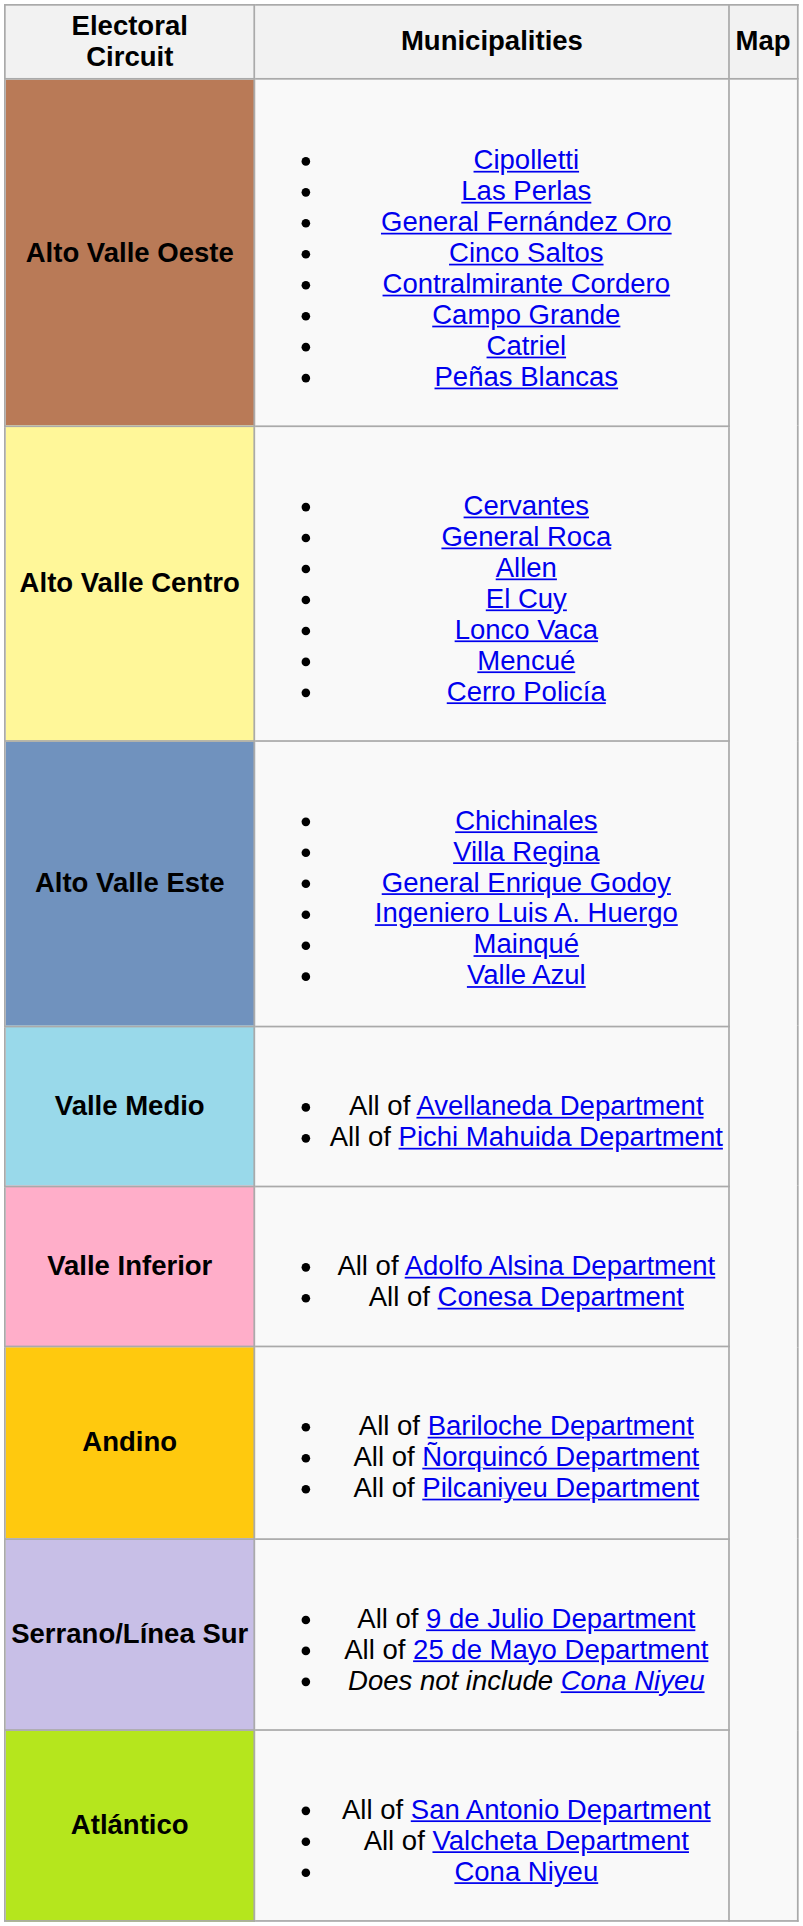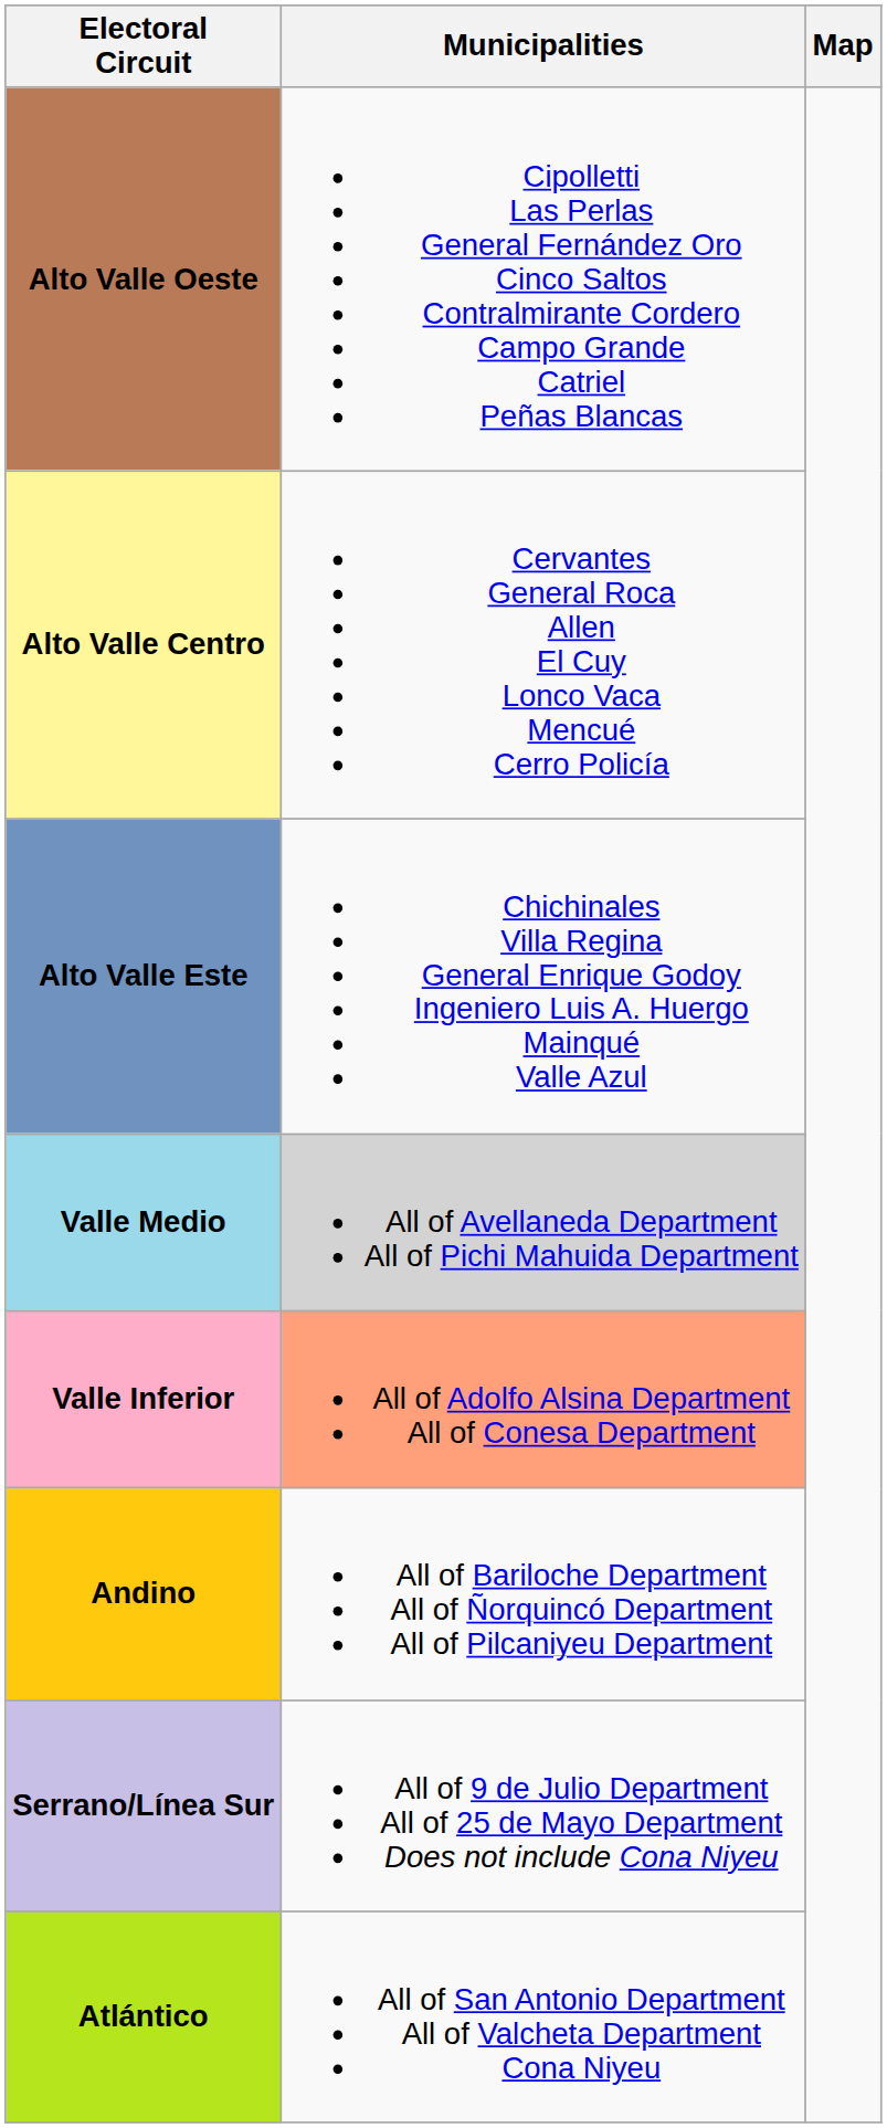 <table class="wikitable" style="text-align:center;">
 <tr>
 <th>Electoral<br>Circuit</th>
 <th>Municipalities</th>
 <th>Map</th>
 </tr>
 <tr>
 <td bgcolor=#B97A57><strong>Alto Valle Oeste</strong></td>
 <td><br><ul><li><a href='#'>Cipolletti</a></li><li><a href='#'>Las Perlas</a></li><li><a href='#'>General Fernández Oro</a></li><li><a href='#'>Cinco Saltos</a></li><li><a href='#'>Contralmirante Cordero</a></li><li><a href='#'>Campo Grande</a></li><li><a href='#'>Catriel</a></li><li><a href='#'>Peñas Blancas</a></li></ul></td>
 <td rowspan=8></td>
 </tr>
 <tr>
 <td bgcolor=#FFF799><strong>Alto Valle Centro</strong></td>
 <td><br><ul><li><a href='#'>Cervantes</a></li><li><a href='#'>General Roca</a></li><li><a href='#'>Allen</a></li><li><a href='#'>El Cuy</a></li><li><a href='#'>Lonco Vaca</a></li><li><a href='#'>Mencué</a></li><li><a href='#'>Cerro Policía</a></li></ul></td>
 </tr>
 <tr>
 <td bgcolor=#7092BE><strong>Alto Valle Este</strong></td>
 <td><br><ul><li><a href='#'>Chichinales</a></li><li><a href='#'>Villa Regina</a></li><li><a href='#'>General Enrique Godoy</a></li><li><a href='#'>Ingeniero Luis A. Huergo</a></li><li><a href='#'>Mainqué</a></li><li><a href='#'>Valle Azul</a></li></ul></td>
 </tr>
 <tr>
 <td bgcolor=#99D9EA><strong>Valle Medio</strong></td>
-<td><br><ul><li>All of <a href='#'>Avellaneda Department</a></li><li>All of <a href='#'>Pichi Mahuida Department</a></li></ul></td>
+<td style="background: lightgrey;"><br><ul><li>All of <a href='#'>Avellaneda Department</a></li><li>All of <a href='#'>Pichi Mahuida Department</a></li></ul></td>
 </tr>
 <tr>
 <td bgcolor=#FFAEC9><strong>Valle Inferior</strong></td>
-<td><br><ul><li>All of <a href='#'>Adolfo Alsina Department</a></li><li>All of <a href='#'>Conesa Department</a></li></ul></td>
+<td style="background: lightsalmon;"><br><ul><li>All of <a href='#'>Adolfo Alsina Department</a></li><li>All of <a href='#'>Conesa Department</a></li></ul></td>
 </tr>
 <tr>
 <td bgcolor=#FFC90E><strong>Andino</strong></td>
 <td><br><ul><li>All of <a href='#'>Bariloche Department</a></li><li>All of <a href='#'>Ñorquincó Department</a></li><li>All of <a href='#'>Pilcaniyeu Department</a></li></ul></td>
 </tr>
 <tr>
 <td bgcolor=#C8BFE7><strong>Serrano/Línea Sur</strong></td>
 <td><br><ul><li>All of <a href='#'>9 de Julio Department</a></li><li>All of <a href='#'>25 de Mayo Department</a></li><li><em>Does not include <a href='#'>Cona Niyeu</a></em></li></ul></td>
 </tr>
 <tr>
 <td bgcolor=#B5E61D><strong>Atlántico</strong></td>
 <td><br><ul><li>All of <a href='#'>San Antonio Department</a></li><li>All of <a href='#'>Valcheta Department</a></li><li><a href='#'>Cona Niyeu</a></li></ul></td>
 </tr>
 </table>
